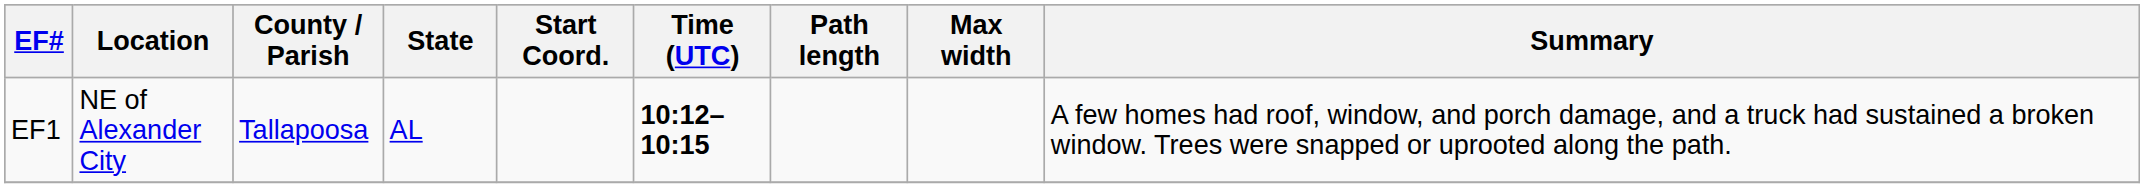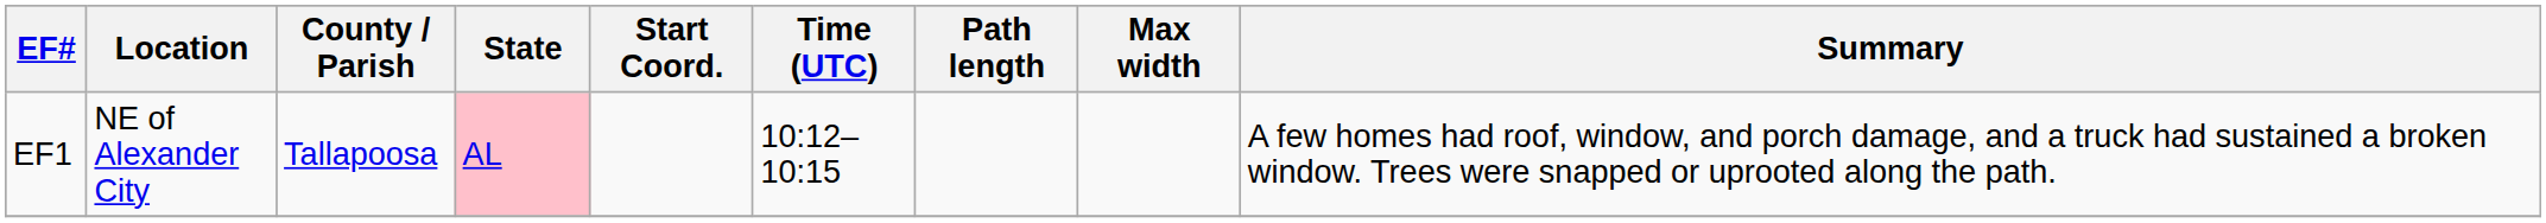 <table class="wikitable sortable" style="width:100%;">
 <tr>
 <th scope="col"  style="width:3%; text-align:center;"><a href='#'>EF#</a></th>
 <th scope="col"  style="width:7%; text-align:center;" class="unsortable">Location</th>
 <th scope="col"  style="width:6%; text-align:center;" class="unsortable">County / Parish</th>
 <th scope="col"  style="width:5%; text-align:center;">State</th>
 <th scope="col"  style="width:6%; text-align:center;">Start Coord.</th>
 <th scope="col"  style="width:6%; text-align:center;">Time (<a href='#'>UTC</a>)</th>
 <th scope="col"  style="width:6%; text-align:center;">Path length</th>
 <th scope="col"  style="width:6%; text-align:center;">Max width</th>
 <th scope="col" class="unsortable" style="width:48%; text-align:center;">Summary</th>
 </tr>
 <tr>
 <td>EF1</td>
 <td>NE of <a href='#'>Alexander City</a></td>
 <td><a href='#'>Tallapoosa</a></td>
-<td><a href='#'>AL</a></td>
+<td style="background: pink;"><a href='#'>AL</a></td>
 <td></td>
-<td><strong>10:12–10:15</strong></td>
+<td>10:12–10:15</td>
 <td></td>
 <td></td>
 <td>A few homes had roof, window, and porch damage, and a truck had sustained a broken window. Trees were snapped or uprooted along the path.</td>
 </tr>
 <tr>
 </tr>
 </table>
